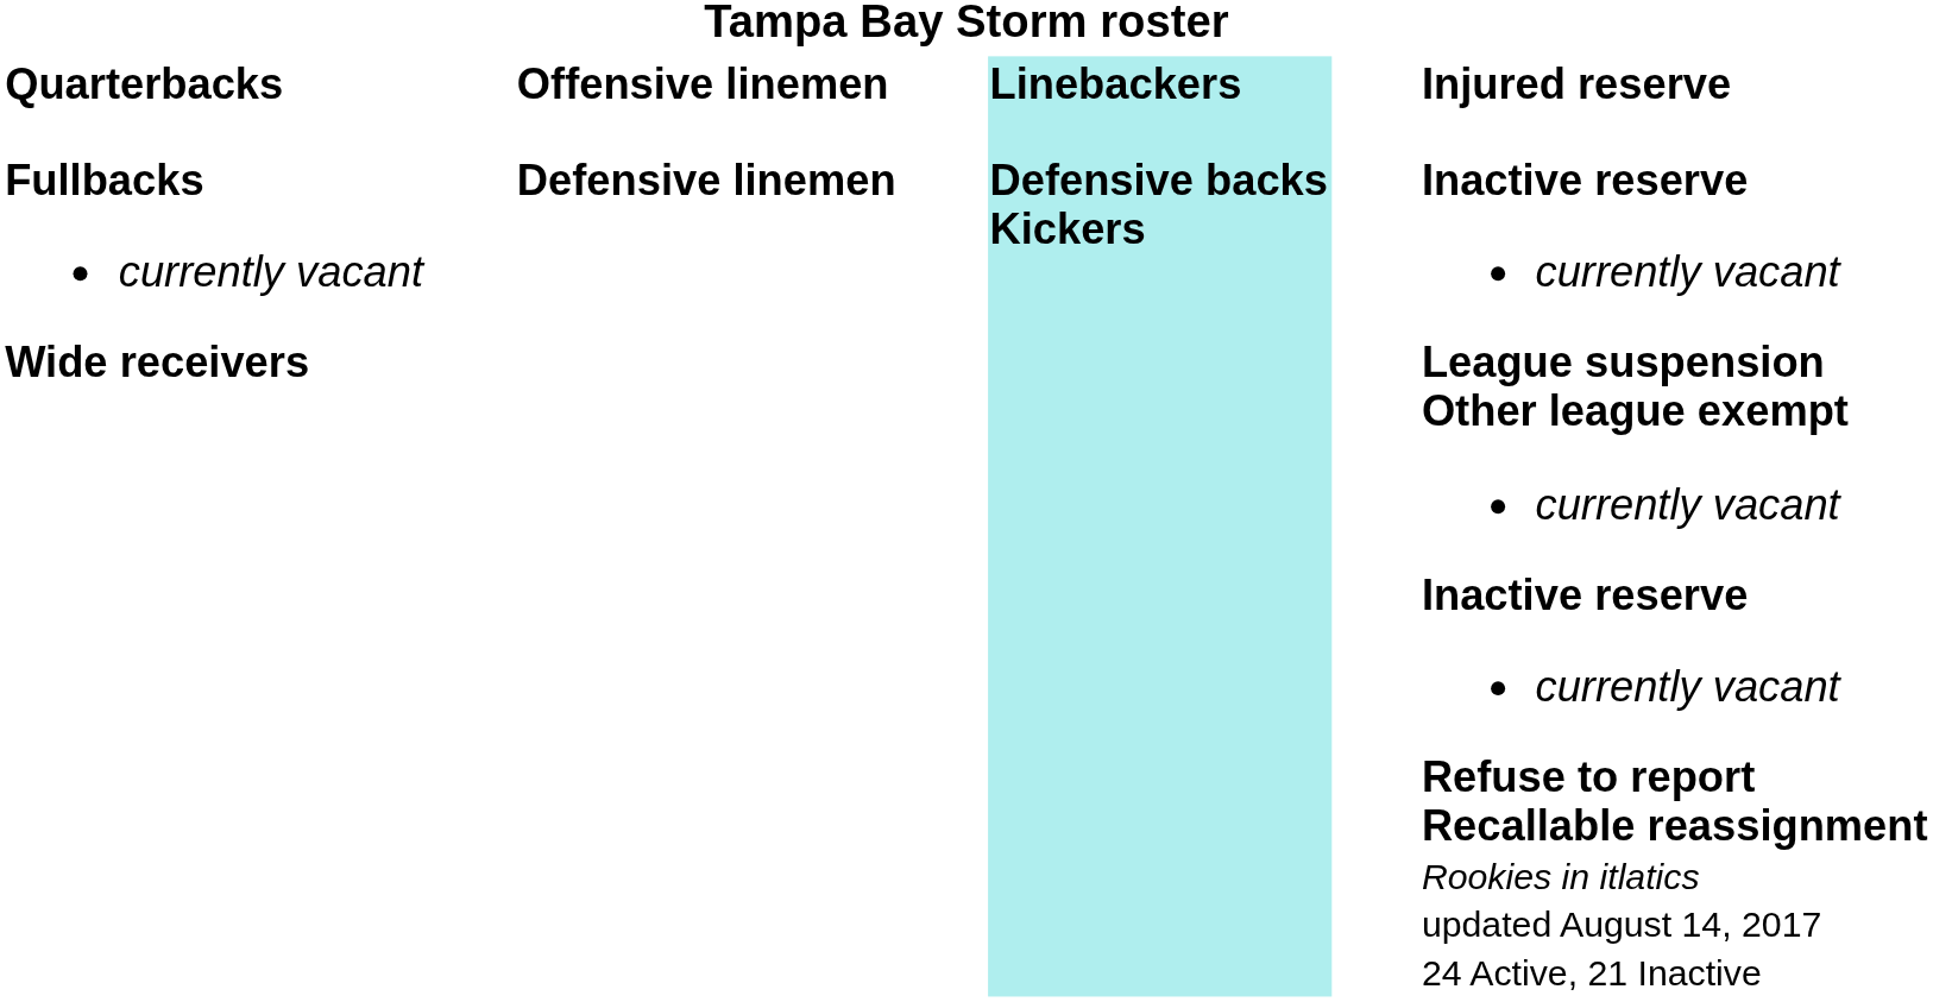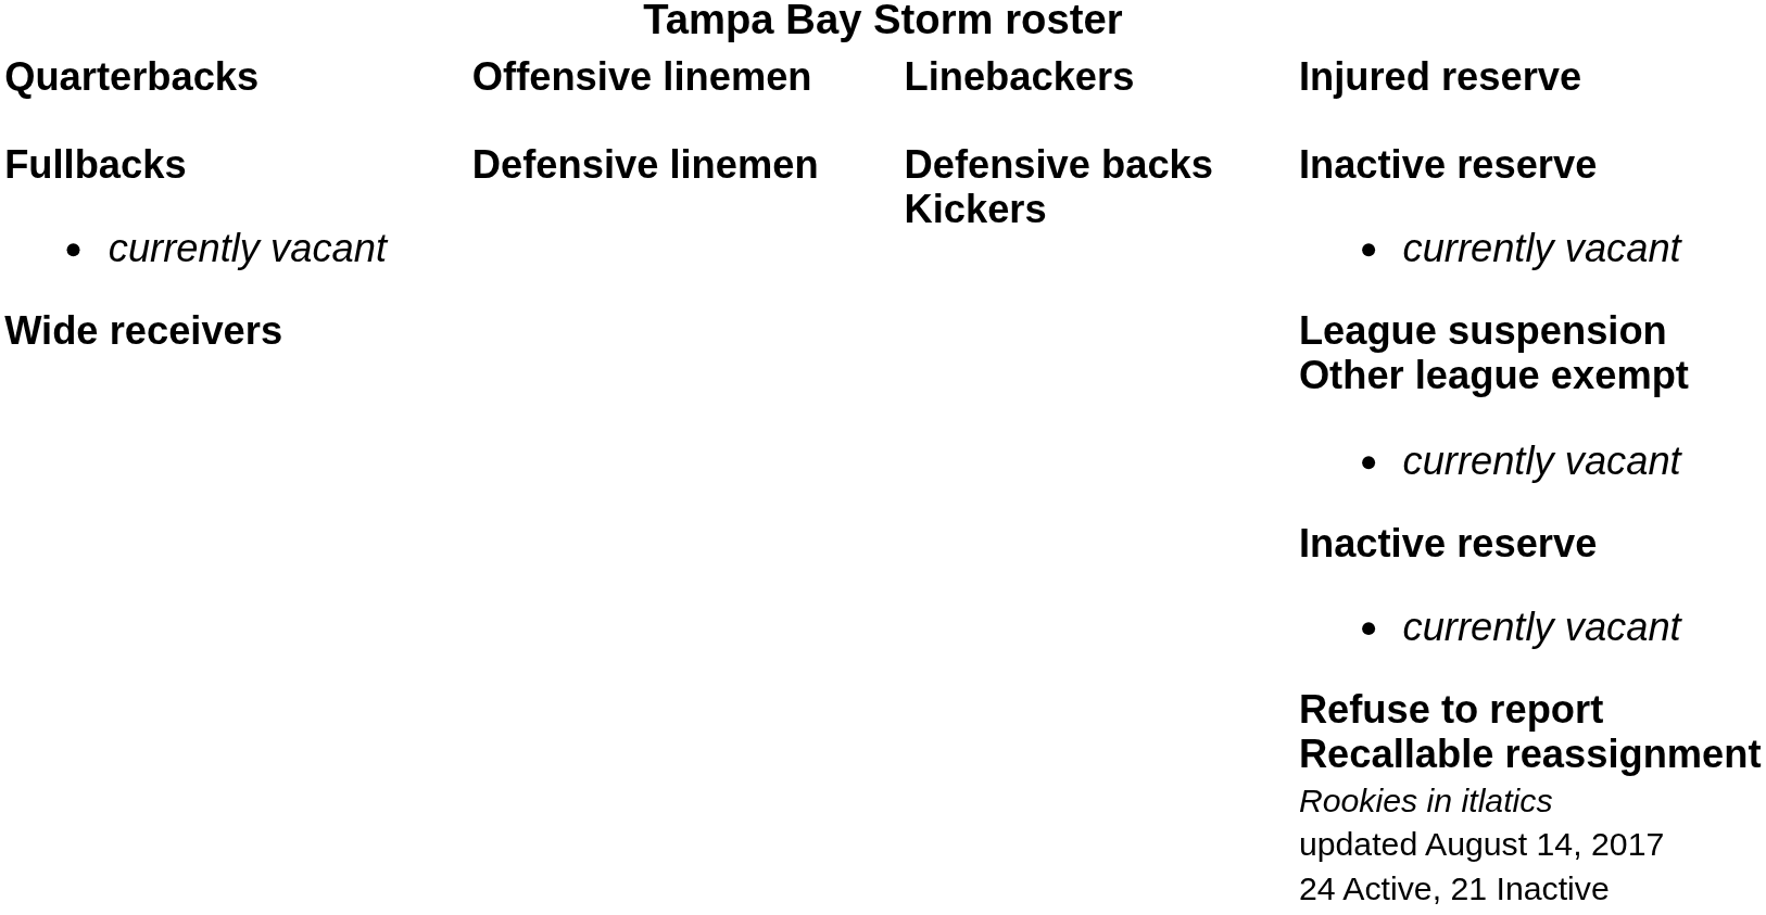 <table class="toccolours" style="text-align: left;">
 <tr>
 <th colspan=7 style="text-align:center; ">Tampa Bay Storm roster</th>
 </tr>
 <tr>
 <td style="font-size: 95%;vertical-align:top;"><strong>Quarterbacks</strong><br> <br><strong>Fullbacks</strong><ul><li><em>currently vacant</em></li></ul><strong>Wide receivers</strong>     </td>
 <td style="width: 25px;"></td>
 <td style="font-size: 95%;vertical-align:top;"><strong>Offensive linemen</strong><br>    <br><strong>Defensive linemen</strong>     </td>
 <td style="width: 25px;"></td>
-<td style="background: paleturquoise; font-size: 95%;vertical-align:top;"><strong>Linebackers</strong><br> <br><strong>Defensive backs</strong>    <br><strong>Kickers</strong> </td>
+<td style="font-size: 95%;vertical-align:top;"><strong>Linebackers</strong><br> <br><strong>Defensive backs</strong>    <br><strong>Kickers</strong> </td>
 <td style="width: 25px;"></td>
 <td style="font-size: 95%;vertical-align:top;"><strong>Injured reserve</strong><br>          <br><strong>Inactive reserve</strong><ul><li><em>currently vacant</em></li></ul><strong>League suspension</strong>       <br><strong>Other league exempt</strong><ul><li><em>currently vacant</em></li></ul><strong>Inactive reserve</strong><ul><li><em>currently vacant</em></li></ul><strong>Refuse to report</strong>  <br><strong>Recallable reassignment</strong> <br><small><em>Rookies in itlatics</em><br> <span> </span> updated August 14, 2017<br> 24 Active, 21 Inactive</small></td>
 </tr>
 <tr>
 </tr>
 </table>
